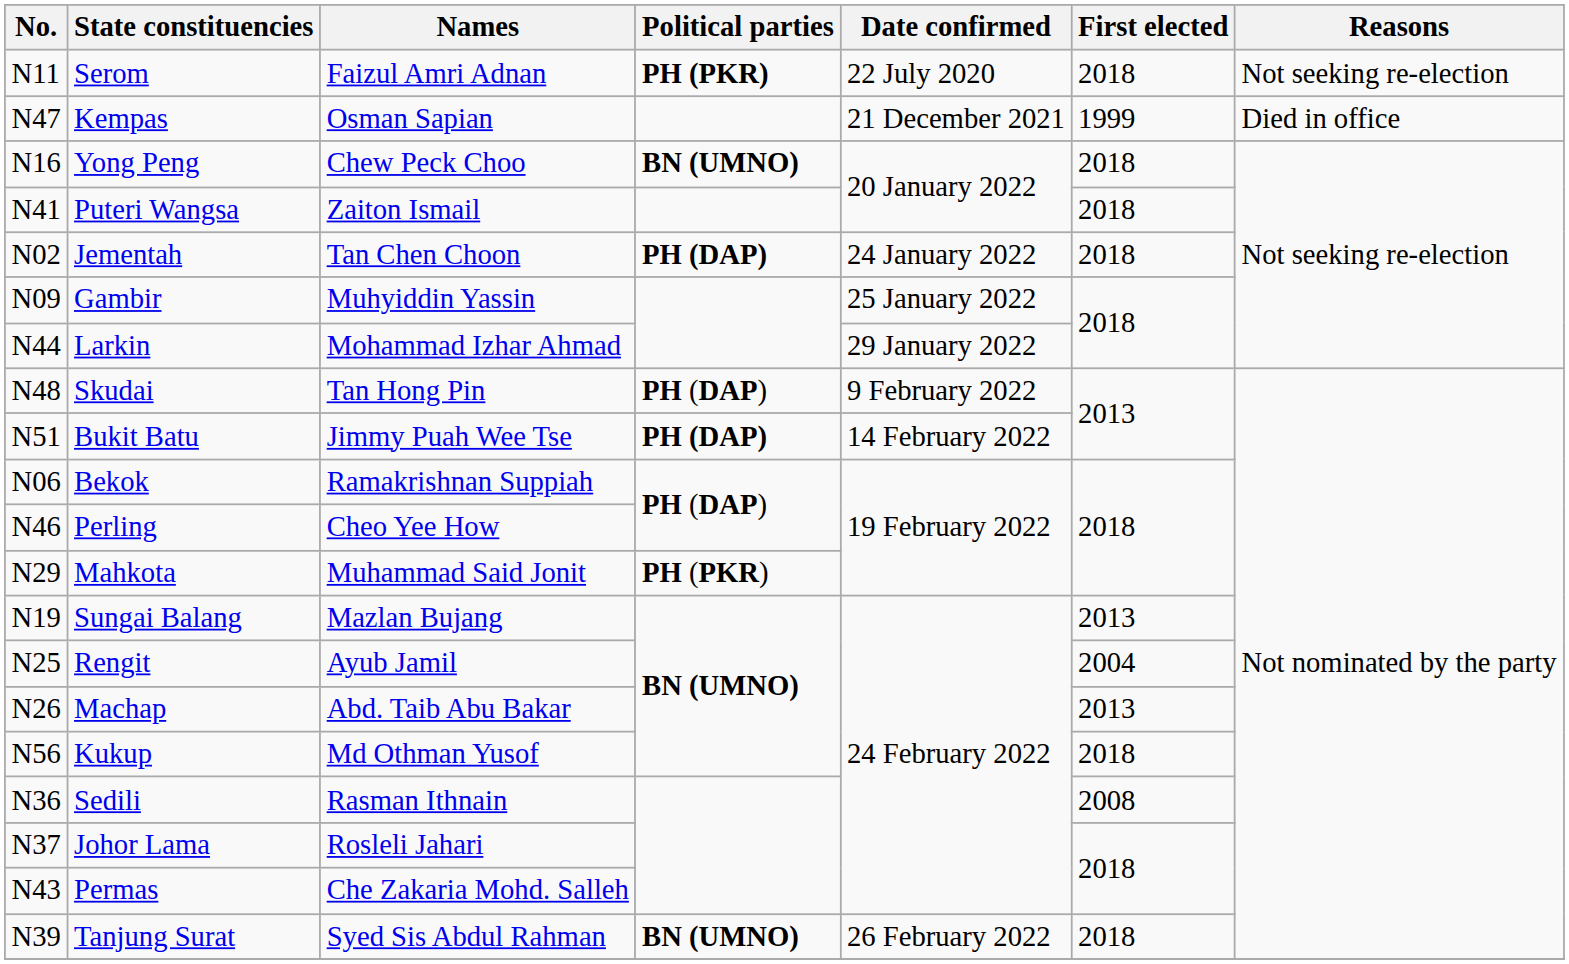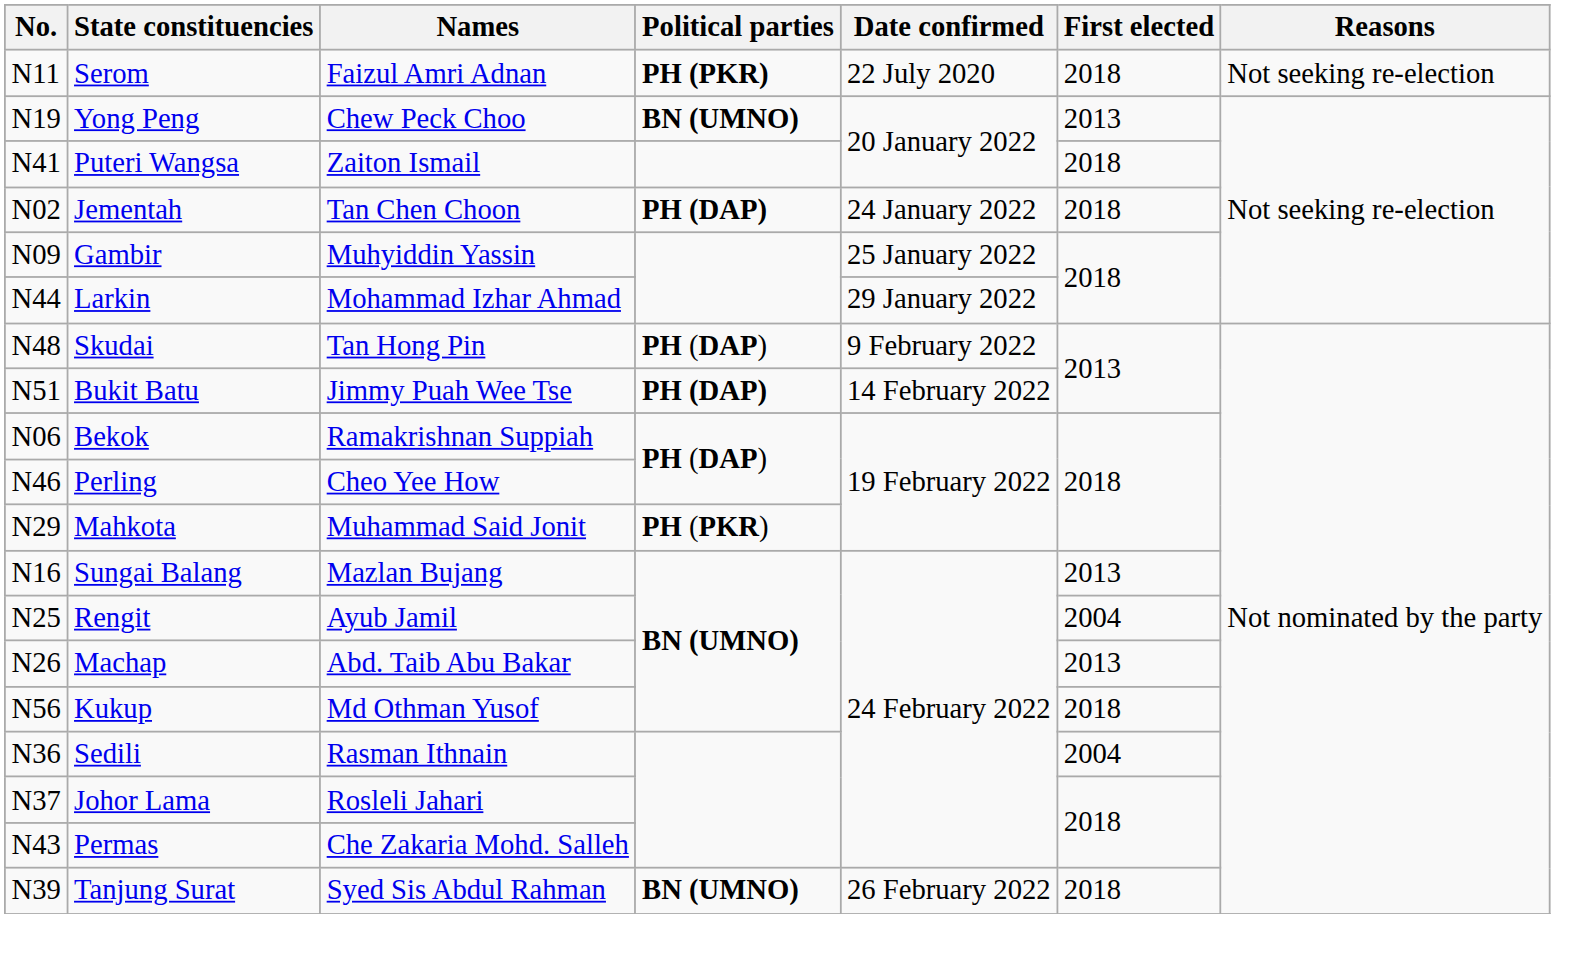 <table class="wikitable">
 <tr>
 <th>No.</th>
 <th>State constituencies</th>
 <th>Names</th>
 <th>Political parties</th>
 <th>Date confirmed</th>
 <th>First elected</th>
 <th>Reasons</th>
 </tr>
 <tr>
 <td>N11</td>
 <td><a href='#'>Serom</a></td>
 <td><a href='#'>Faizul Amri Adnan</a></td>
 <td><strong>PH (PKR)</strong></td>
 <td>22 July 2020</td>
 <td>2018</td>
 <td>Not seeking re-election</td>
 </tr>
 <tr>
-<td>N47</td>
-<td><a href='#'>Kempas</a></td>
-<td><a href='#'>Osman Sapian</a></td>
-<td><strong></strong></td>
-<td>21 December 2021</td>
-<td>1999</td>
-<td>Died in office</td>
-</tr>
-<tr>
-<td>N16</td>
+<td>N19</td>
 <td><a href='#'>Yong Peng</a></td>
 <td><a href='#'>Chew Peck Choo</a></td>
 <td><strong>BN (UMNO)</strong></td>
 <td rowspan="2">20 January 2022</td>
-<td>2018</td>
+<td>2013</td>
 <td rowspan="5">Not seeking re-election</td>
 </tr>
 <tr>
 <td>N41</td>
 <td><a href='#'>Puteri Wangsa</a></td>
 <td><a href='#'>Zaiton Ismail</a></td>
 <td><strong></strong></td>
 <td>2018</td>
 </tr>
 <tr>
 <td>N02</td>
 <td><a href='#'>Jementah</a></td>
 <td><a href='#'>Tan Chen Choon</a></td>
 <td><strong>PH (DAP)</strong></td>
 <td>24 January 2022</td>
 <td>2018</td>
 </tr>
 <tr>
 <td>N09</td>
 <td><a href='#'>Gambir</a></td>
 <td><a href='#'>Muhyiddin Yassin</a></td>
 <td rowspan="2"><strong></strong></td>
 <td>25 January 2022</td>
 <td rowspan="2">2018</td>
 </tr>
 <tr>
 <td>N44</td>
 <td><a href='#'>Larkin</a></td>
 <td><a href='#'>Mohammad Izhar Ahmad</a></td>
 <td>29 January 2022</td>
 </tr>
 <tr>
 <td>N48</td>
 <td><a href='#'>Skudai</a></td>
 <td><a href='#'>Tan Hong Pin</a></td>
 <td><strong>PH</strong> (<strong>DAP</strong>)</td>
 <td>9 February 2022</td>
 <td rowspan="2">2013</td>
 <td rowspan="13">Not nominated by the party</td>
 </tr>
 <tr>
 <td>N51</td>
 <td><a href='#'>Bukit Batu</a></td>
 <td><a href='#'>Jimmy Puah Wee Tse</a></td>
 <td><strong>PH (DAP)</strong></td>
 <td>14 February 2022</td>
 </tr>
 <tr>
 <td>N06</td>
 <td><a href='#'>Bekok</a></td>
 <td><a href='#'>Ramakrishnan Suppiah</a></td>
 <td rowspan="2"><strong>PH</strong> (<strong>DAP</strong>)</td>
 <td rowspan="3">19 February 2022</td>
 <td rowspan="3">2018</td>
 </tr>
 <tr>
 <td>N46</td>
 <td><a href='#'>Perling</a></td>
 <td><a href='#'>Cheo Yee How</a></td>
 </tr>
 <tr>
 <td>N29</td>
 <td><a href='#'>Mahkota</a></td>
 <td><a href='#'>Muhammad Said Jonit</a></td>
 <td><strong>PH</strong> (<strong>PKR</strong>)</td>
 </tr>
 <tr>
-<td>N19</td>
+<td>N16</td>
 <td><a href='#'>Sungai Balang</a></td>
 <td><a href='#'>Mazlan Bujang</a></td>
 <td rowspan="4"><strong>BN (UMNO)</strong></td>
 <td rowspan="7">24 February 2022</td>
 <td>2013</td>
 </tr>
 <tr>
 <td>N25</td>
 <td><a href='#'>Rengit</a></td>
 <td><a href='#'>Ayub Jamil</a></td>
 <td>2004</td>
 </tr>
 <tr>
 <td>N26</td>
 <td><a href='#'>Machap</a></td>
 <td><a href='#'>Abd. Taib Abu Bakar</a></td>
 <td>2013</td>
 </tr>
 <tr>
 <td>N56</td>
 <td><a href='#'>Kukup</a></td>
 <td><a href='#'>Md Othman Yusof</a></td>
 <td>2018</td>
 </tr>
 <tr>
 <td>N36</td>
 <td><a href='#'>Sedili</a></td>
 <td><a href='#'>Rasman Ithnain</a></td>
 <td rowspan="3"><strong></strong></td>
-<td>2008</td>
+<td>2004</td>
 </tr>
 <tr>
 <td>N37</td>
 <td><a href='#'>Johor Lama</a></td>
 <td><a href='#'>Rosleli Jahari</a></td>
 <td rowspan="2">2018</td>
 </tr>
 <tr>
 <td>N43</td>
 <td><a href='#'>Permas</a></td>
 <td><a href='#'>Che Zakaria Mohd. Salleh</a></td>
 </tr>
 <tr>
 <td>N39</td>
 <td><a href='#'>Tanjung Surat</a></td>
 <td><a href='#'>Syed Sis Abdul Rahman</a></td>
 <td><strong>BN (UMNO)</strong></td>
 <td>26 February 2022</td>
 <td>2018</td>
 </tr>
 <tr>
 </tr>
 </table>
